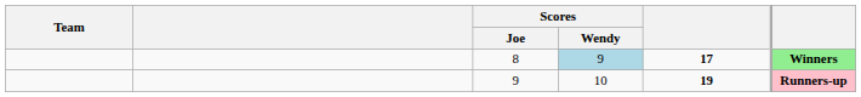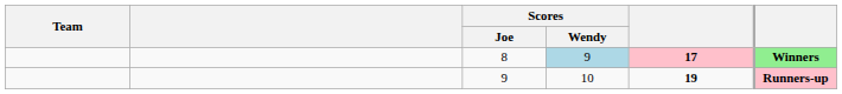 <table class="wikitable plainrowheaders" style="text-align:center; font-size:90%; width:65em;">
 <tr>
 <th rowspan="2">Team</th>
 <th rowspan="2" style="width:40%;"></th>
 <th colspan="2" style="width:30%;">Scores</th>
 <th rowspan="2" style="width:15%;"></th>
 <th rowspan="2" style="width:15%; border-left:3px solid #aaa;"></th>
 </tr>
 <tr>
 <th style="width:10%;">Joe</th>
 <th style="width:10%;">Wendy</th>
 </tr>
 <tr>
 <td style="width:15%;"></td>
 <td></td>
 <td>8</td>
 <td style="background: lightblue;">9</td>
-<td><strong>17</strong></td>
+<td style="background: pink;"><strong>17</strong></td>
 <td style="border-left:3px solid #aaa;" bgcolor="lightgreen"><strong>Winners</strong></td>
 </tr>
 <tr>
 <td style="width:15%;"></td>
 <td></td>
 <td>9</td>
 <td>10</td>
 <td><strong>19</strong></td>
 <td style="border-left:3px solid #aaa;" bgcolor="pink"><strong>Runners-up</strong></td>
 </tr>
 </table>
